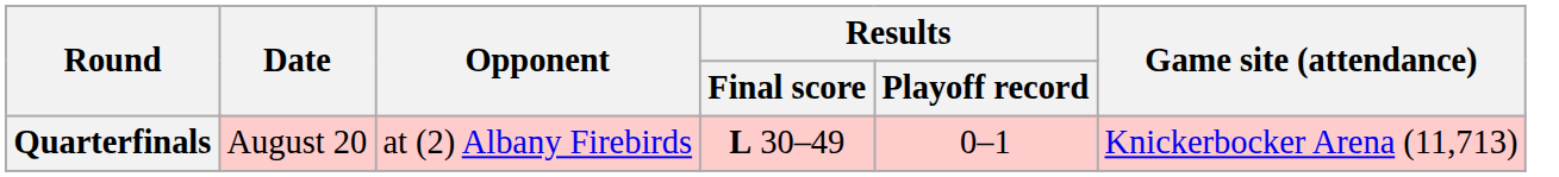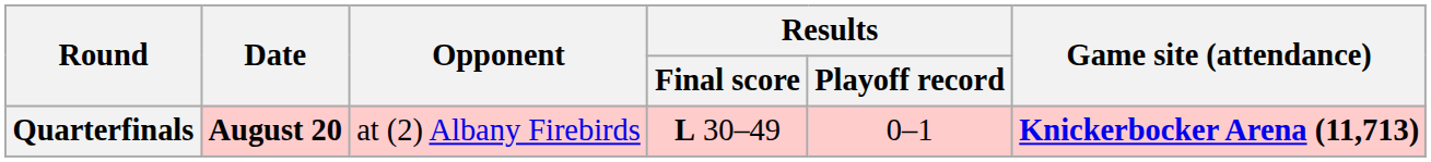 <table class="wikitable" style="font-size: 92%;" "align=center">
 <tr>
 <th rowspan="2">Round</th>
 <th rowspan="2">Date</th>
 <th rowspan="2">Opponent</th>
 <th colspan="2">Results</th>
 <th rowspan="2">Game site (attendance)</th>
 </tr>
 <tr>
 <th>Final score</th>
 <th>Playoff record</th>
 </tr>
 <tr style="background:#fcc">
 <th>Quarterfinals</th>
-<td style="text-align:center;">August 20</td>
+<td style="text-align:center;"><strong>August 20</strong></td>
 <td style="text-align:center;">at (2) <a href='#'>Albany Firebirds</a></td>
 <td style="text-align:center;"><strong>L</strong> 30–49</td>
 <td style="text-align:center;">0–1</td>
-<td style="text-align:center;"><a href='#'>Knickerbocker Arena</a> (11,713)</td>
+<td style="text-align:center;"><strong><a href='#'>Knickerbocker Arena</a> (11,713)</strong></td>
 </tr>
 </table>
